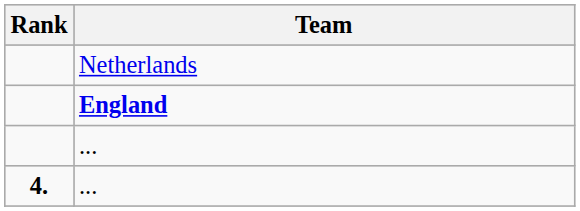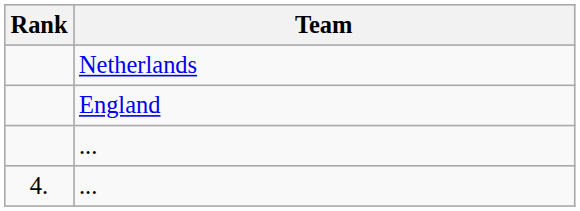 <table class="wikitable" style="font-size:95%;">
 <tr>
 <th>Rank</th>
 <th align="left" style="width: 20em">Team</th>
 </tr>
 <tr>
 <td align="center"></td>
 <td> <a href='#'>Netherlands</a></td>
 </tr>
 <tr>
 <td align="center"></td>
-<td><strong> <a href='#'>England</a></strong></td>
+<td> <a href='#'>England</a></td>
 </tr>
 <tr>
 <td align="center"></td>
 <td>...</td>
 </tr>
 <tr>
-<td align="center"><strong>4.</strong></td>
+<td align="center">4.</td>
 <td>...</td>
 </tr>
 </table>
